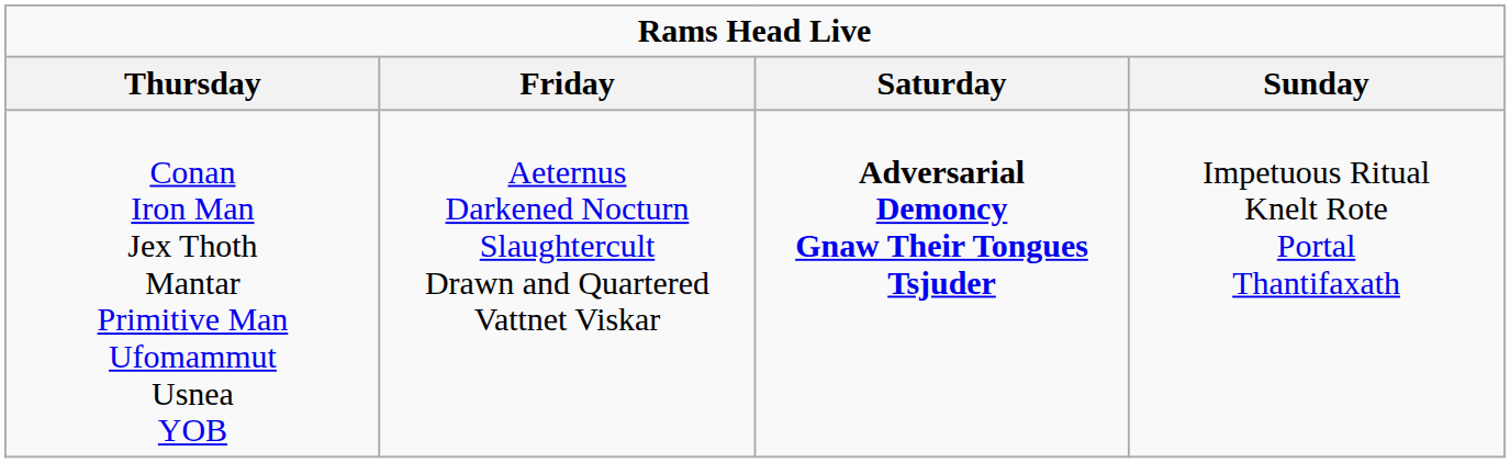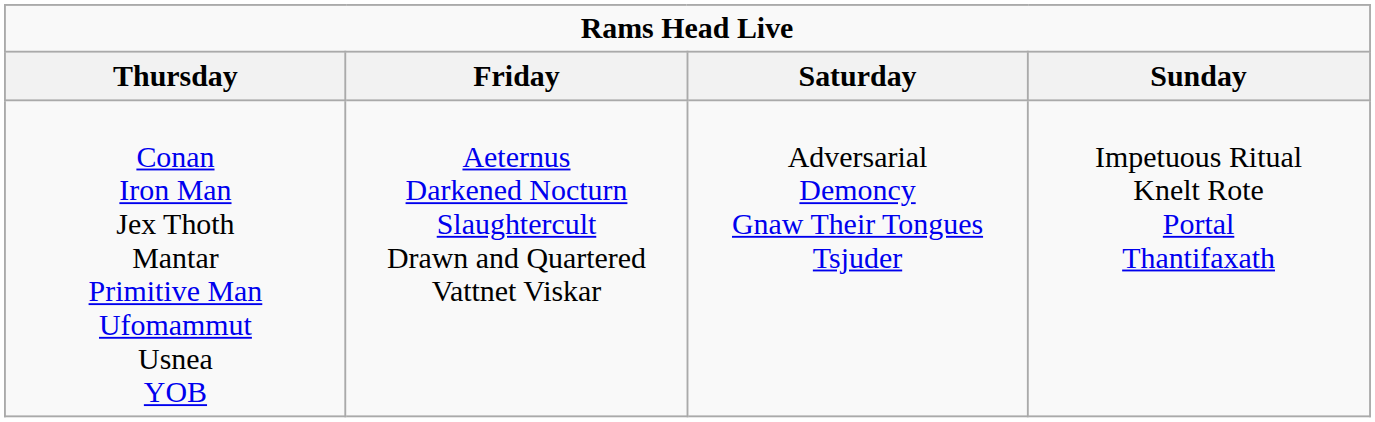 <table class="wikitable">
 <tr>
 <td colspan="4" align="center"><strong>Rams Head Live</strong></td>
 </tr>
 <tr>
 <th>Thursday</th>
 <th>Friday</th>
 <th>Saturday</th>
 <th>Sunday</th>
 </tr>
 <tr>
 <td valign="top" align="center" width=175><br><a href='#'>Conan</a><br> <a href='#'>Iron Man</a><br> Jex Thoth<br> Mantar<br> <a href='#'>Primitive Man</a><br> <a href='#'>Ufomammut</a><br> Usnea<br> <a href='#'>YOB</a><br></td>
 <td valign="top" align="center" width=175><br><a href='#'>Aeternus</a><br> <a href='#'>Darkened Nocturn Slaughtercult</a><br> Drawn and Quartered<br> Vattnet Viskar<br></td>
-<td valign="top" align="center" width=175><strong><br>Adversarial<br> <a href='#'>Demoncy</a><br> <a href='#'>Gnaw Their Tongues</a><br> <a href='#'>Tsjuder</a><br></strong></td>
+<td valign="top" align="center" width=175><br>Adversarial<br> <a href='#'>Demoncy</a><br> <a href='#'>Gnaw Their Tongues</a><br> <a href='#'>Tsjuder</a><br></td>
 <td valign="top" align="center" width=175><br>Impetuous Ritual<br> Knelt Rote<br> <a href='#'>Portal</a><br> <a href='#'>Thantifaxath</a><br></td>
 </tr>
 </table>
